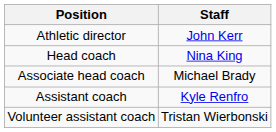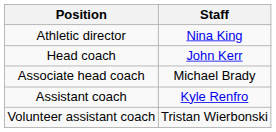 <table class="wikitable" style="text-align: center;">
 <tr>
 <th>Position</th>
 <th>Staff</th>
 </tr>
 <tr>
 <td>Athletic director</td>
-<td> <a href='#'>John Kerr</a></td>
+<td> <a href='#'>Nina King</a></td>
 </tr>
 <tr>
 <td>Head coach</td>
-<td> <a href='#'>Nina King</a></td>
+<td> <a href='#'>John Kerr</a></td>
 </tr>
 <tr>
 <td>Associate head coach</td>
 <td> Michael Brady</td>
 </tr>
 <tr>
 <td>Assistant coach</td>
 <td> <a href='#'>Kyle Renfro</a></td>
 </tr>
 <tr>
 <td>Volunteer assistant coach</td>
 <td> Tristan Wierbonski</td>
 </tr>
 </table>
